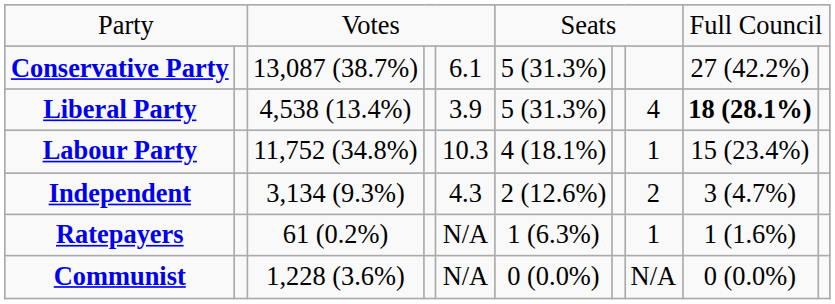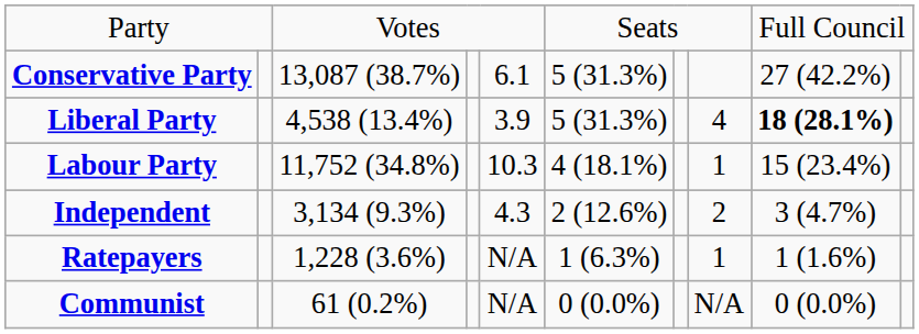 <table class=wikitable style="text-align:center;">
 <tr>
 <td colspan=2>Party</td>
 <td colspan=3>Votes</td>
 <td colspan=3>Seats</td>
 <td colspan=3>Full Council</td>
 </tr>
 <tr>
 <td><strong><a href='#'>Conservative Party</a></strong></td>
 <td style="background:"></td>
 <td>13,087 (38.7%)</td>
 <td></td>
 <td> 6.1</td>
 <td>5 (31.3%)</td>
 <td></td>
 <td></td>
 <td>27 (42.2%)</td>
 <td></td>
 </tr>
 <tr>
 <td><strong><a href='#'>Liberal Party</a></strong></td>
 <td style="background:"></td>
 <td>4,538 (13.4%)</td>
 <td></td>
 <td> 3.9</td>
 <td>5 (31.3%)</td>
 <td></td>
 <td> 4</td>
 <td><strong>18 (28.1%)</strong></td>
 <td></td>
 </tr>
 <tr>
 <td><strong><a href='#'>Labour Party</a></strong></td>
 <td style="background:"></td>
 <td>11,752 (34.8%)</td>
 <td></td>
 <td> 10.3</td>
 <td>4 (18.1%)</td>
 <td></td>
 <td> 1</td>
 <td>15 (23.4%)</td>
 <td></td>
 </tr>
 <tr>
 <td><strong><a href='#'>Independent</a></strong></td>
 <td style="background:"></td>
 <td>3,134 (9.3%)</td>
 <td></td>
 <td> 4.3</td>
 <td>2 (12.6%)</td>
 <td></td>
 <td> 2</td>
 <td>3 (4.7%)</td>
 <td></td>
 </tr>
 <tr>
 <td><strong><a href='#'>Ratepayers</a></strong></td>
 <td style="background:"></td>
-<td>61 (0.2%)</td>
+<td>1,228 (3.6%)</td>
 <td></td>
 <td>N/A</td>
 <td>1 (6.3%)</td>
 <td></td>
 <td> 1</td>
 <td>1 (1.6%)</td>
 <td></td>
 </tr>
 <tr>
 <td><strong><a href='#'>Communist</a></strong></td>
 <td style="background:"></td>
-<td>1,228 (3.6%)</td>
+<td>61 (0.2%)</td>
 <td></td>
 <td>N/A</td>
 <td>0 (0.0%)</td>
 <td></td>
 <td>N/A</td>
 <td>0 (0.0%)</td>
 <td></td>
 </tr>
 </table>
